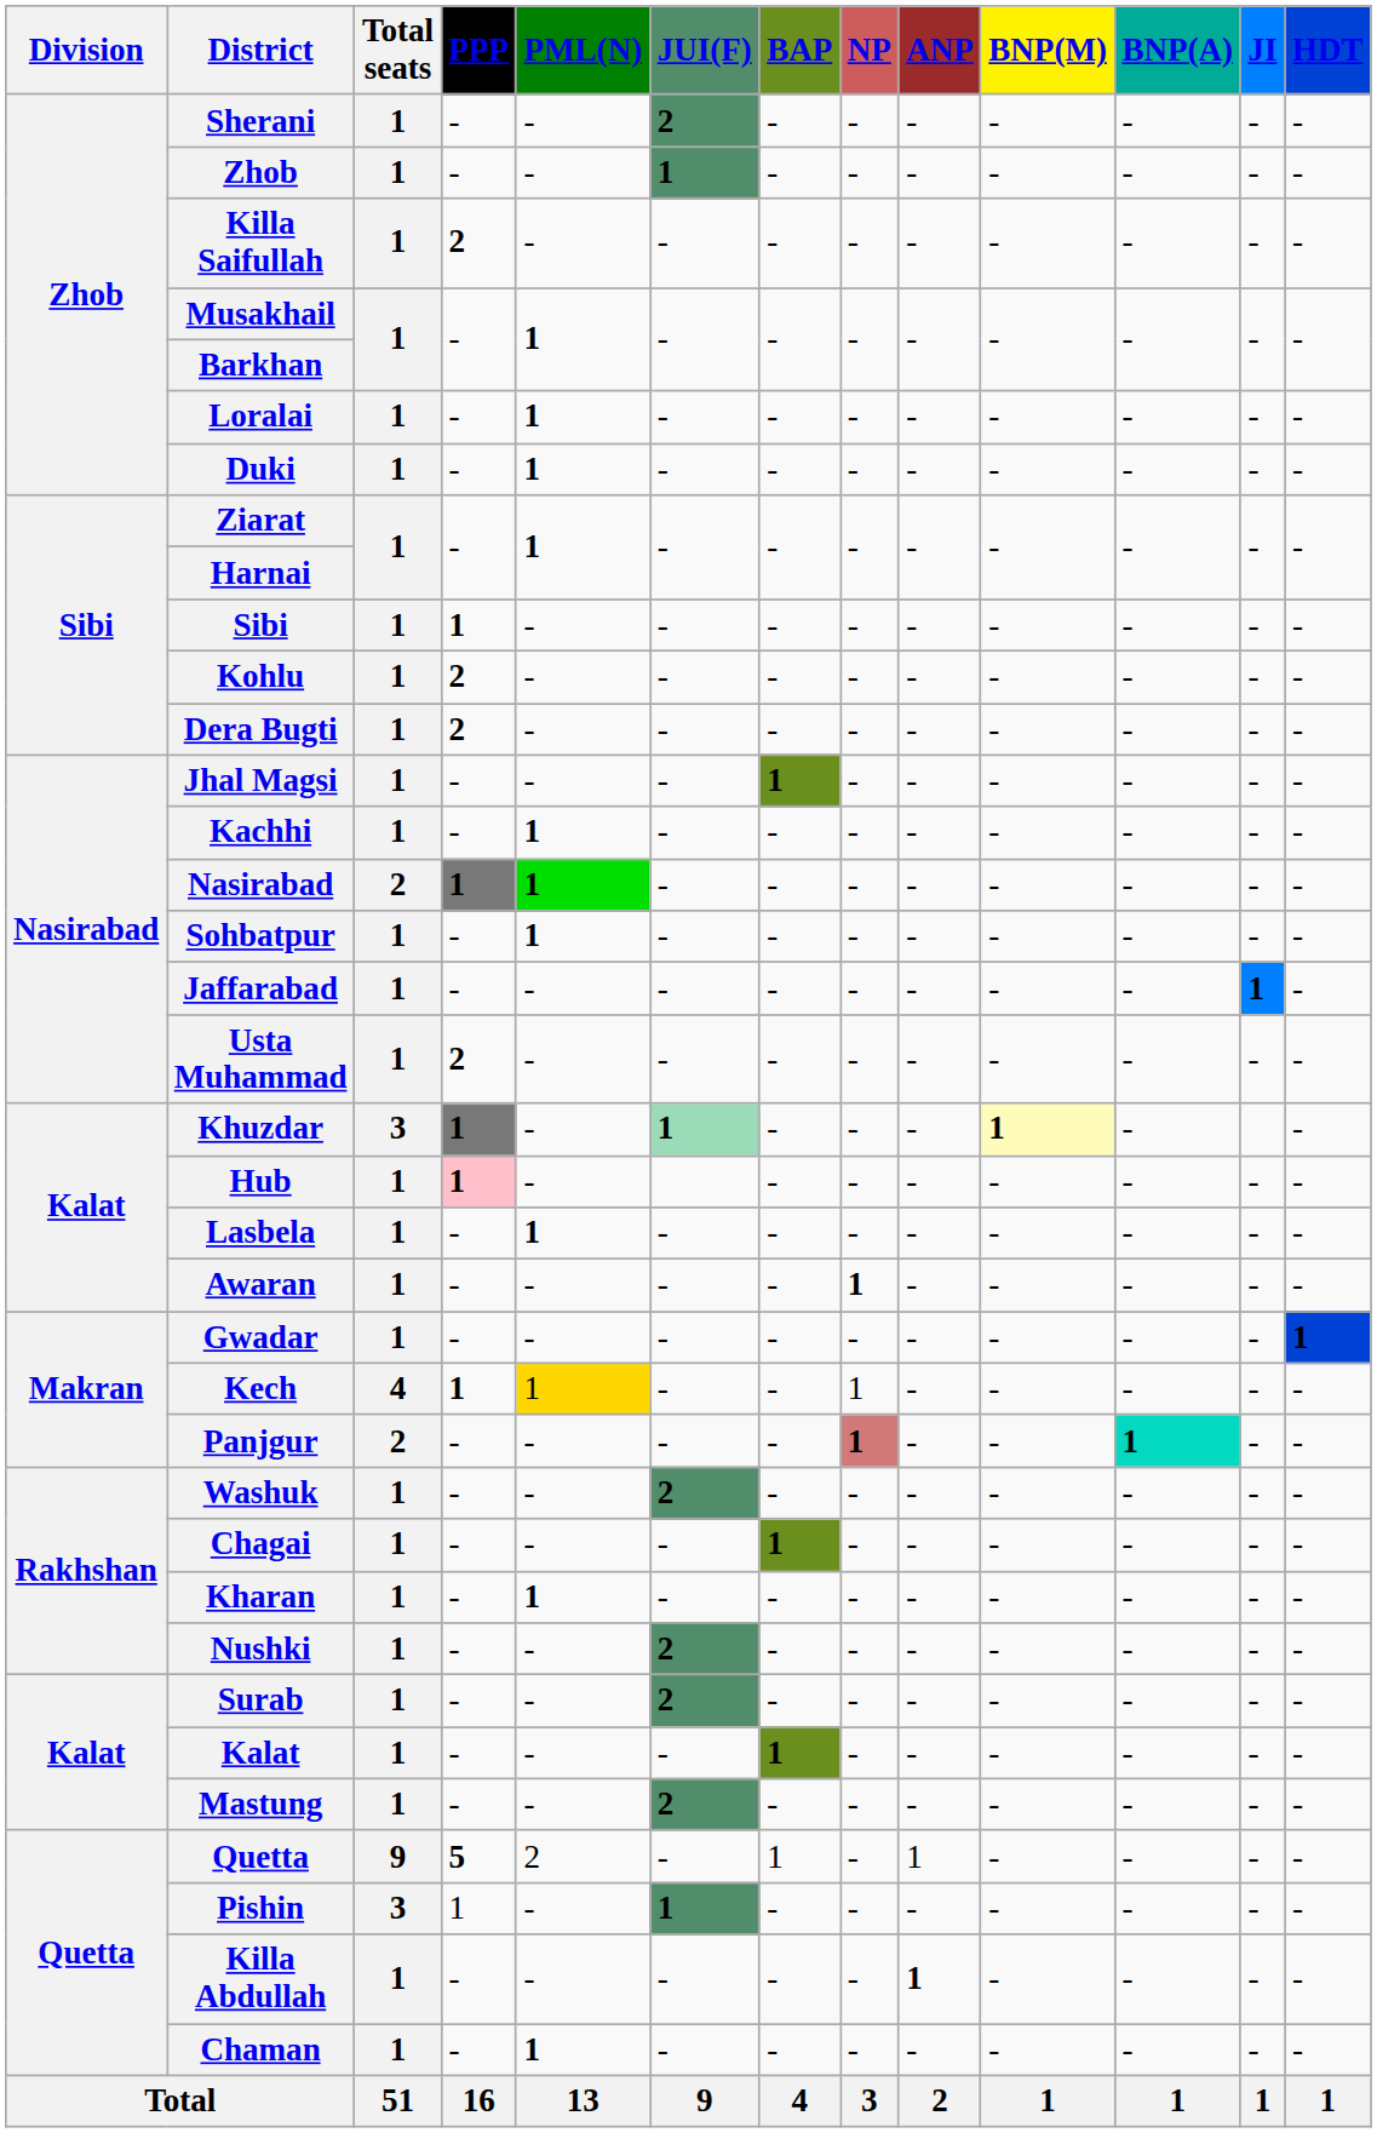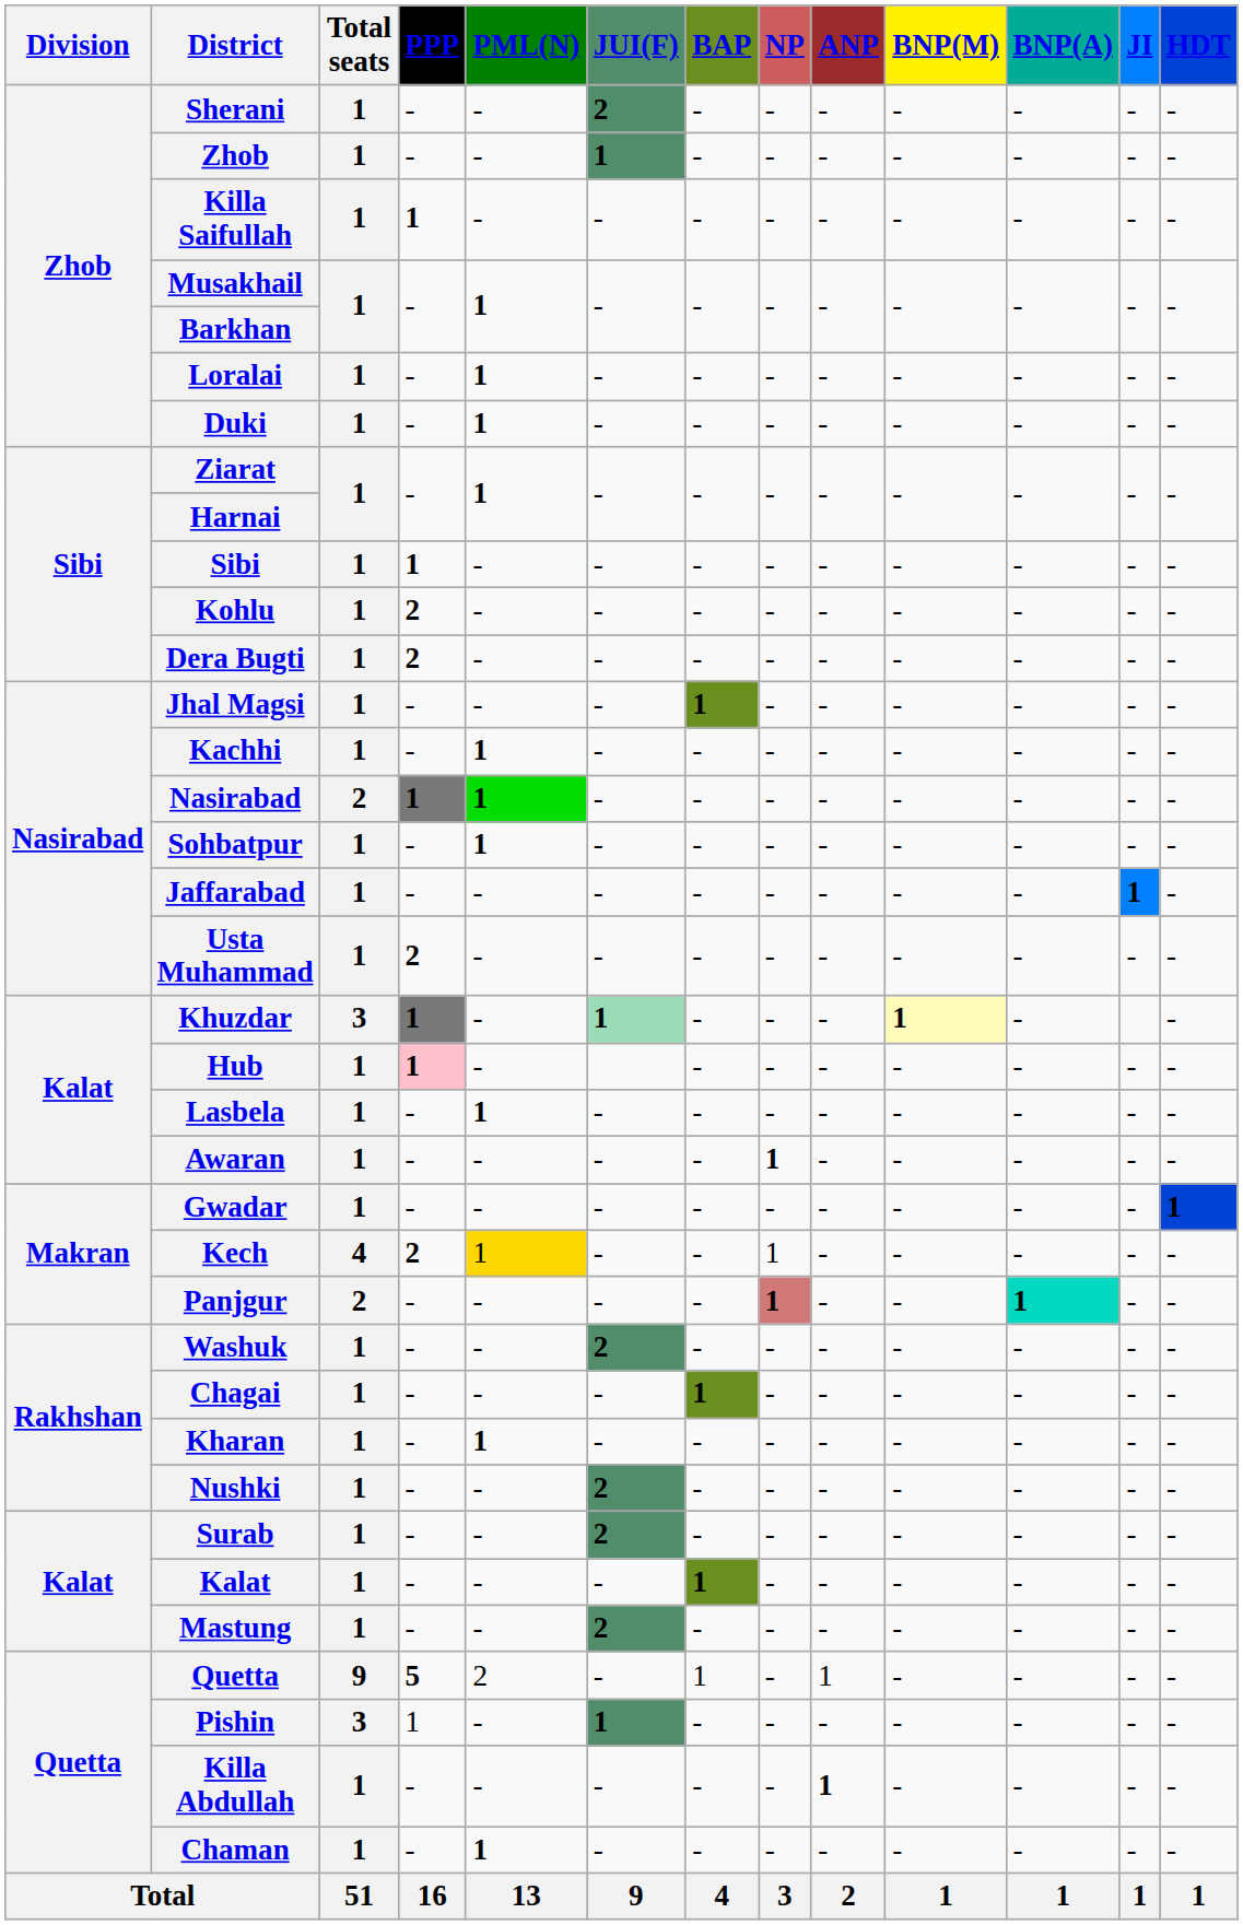 <table class="wikitable">
 <tr>
 <th><a href='#'>Division</a></th>
 <th><a href='#'>District</a></th>
 <th>Total seats</th>
 <th style="background:#000000;" !><a href='#'><span>PPP</span></a></th>
 <th style="background:#008000;" !><a href='#'><span>PML(N)</span></a></th>
 <th style="background:#528d6b;" !><a href='#'><span>JUI(F)</span></a></th>
 <th style="background:#6b8f1e;" !><a href='#'><span>BAP</span></a></th>
 <th style="background:#cd5c5c;" !><a href='#'><span>NP</span></a></th>
 <th ! style="background:#9b2b2b;"><a href='#'><span>ANP</span></a></th>
 <th style="background:#fff200;" !><a href='#'><span>BNP(M)</span></a></th>
 <th style="background:#00ab97;" !><a href='#'><span>BNP(A)</span></a></th>
 <th style="background:#0080ff;" !><a href='#'><span>JI</span></a></th>
 <th style="background:#0042d6;" !><a href='#'><span>HDT</span></a></th>
 </tr>
 <tr>
 <th rowspan="7"><a href='#'>Zhob</a></th>
 <th><a href='#'>Sherani</a></th>
 <th>1</th>
 <td>-</td>
 <td>-</td>
 <td bgcolor="#528d6b"><span><strong>2</strong></span></td>
 <td>-</td>
 <td>-</td>
 <td>-</td>
 <td>-</td>
 <td>-</td>
 <td>-</td>
 <td>-</td>
 </tr>
 <tr>
 <th><a href='#'>Zhob</a></th>
 <th>1</th>
 <td>-</td>
 <td>-</td>
 <td bgcolor="#528d6b"><span><strong>1</strong></span></td>
 <td>-</td>
 <td>-</td>
 <td>-</td>
 <td>-</td>
 <td>-</td>
 <td>-</td>
 <td>-</td>
 </tr>
 <tr>
 <th><a href='#'>Killa Saifullah</a></th>
 <th>1</th>
-<td><span><strong>2</strong></span></td>
+<td><span><strong>1</strong></span></td>
 <td>-</td>
 <td>-</td>
 <td>-</td>
 <td>-</td>
 <td>-</td>
 <td>-</td>
 <td>-</td>
 <td>-</td>
 <td>-</td>
 </tr>
 <tr>
 <th><a href='#'>Musakhail</a></th>
 <th rowspan="2">1</th>
 <td rowspan="2">-</td>
 <td rowspan="2"><span><strong>1</strong></span></td>
 <td rowspan="2">-</td>
 <td rowspan="2">-</td>
 <td rowspan="2">-</td>
 <td rowspan="2">-</td>
 <td rowspan="2">-</td>
 <td rowspan="2">-</td>
 <td rowspan="2">-</td>
 <td rowspan="2">-</td>
 </tr>
 <tr>
 <th><a href='#'>Barkhan</a></th>
 </tr>
 <tr>
 <th><a href='#'>Loralai</a></th>
 <th>1</th>
 <td>-</td>
 <td><span><strong>1</strong></span></td>
 <td>-</td>
 <td>-</td>
 <td>-</td>
 <td>-</td>
 <td>-</td>
 <td>-</td>
 <td>-</td>
 <td>-</td>
 </tr>
 <tr>
 <th><a href='#'>Duki</a></th>
 <th>1</th>
 <td>-</td>
 <td><span><strong>1</strong></span></td>
 <td>-</td>
 <td>-</td>
 <td>-</td>
 <td>-</td>
 <td>-</td>
 <td>-</td>
 <td>-</td>
 <td>-</td>
 </tr>
 <tr>
 <th rowspan="5"><a href='#'>Sibi</a></th>
 <th><a href='#'>Ziarat</a></th>
 <th rowspan="2">1</th>
 <td rowspan="2">-</td>
 <td rowspan="2"><span><strong>1</strong></span></td>
 <td rowspan="2">-</td>
 <td rowspan="2">-</td>
 <td rowspan="2">-</td>
 <td rowspan="2">-</td>
 <td rowspan="2">-</td>
 <td rowspan="2">-</td>
 <td rowspan="2">-</td>
 <td rowspan="2">-</td>
 </tr>
 <tr>
 <th><a href='#'>Harnai</a></th>
 </tr>
 <tr>
 <th><a href='#'>Sibi</a></th>
 <th>1</th>
 <td><span><strong>1</strong></span></td>
 <td>-</td>
 <td>-</td>
 <td>-</td>
 <td>-</td>
 <td>-</td>
 <td>-</td>
 <td>-</td>
 <td>-</td>
 <td>-</td>
 </tr>
 <tr>
 <th><a href='#'>Kohlu</a></th>
 <th>1</th>
 <td><span><strong>2</strong></span></td>
 <td>-</td>
 <td>-</td>
 <td>-</td>
 <td>-</td>
 <td>-</td>
 <td>-</td>
 <td>-</td>
 <td>-</td>
 <td>-</td>
 </tr>
 <tr>
 <th><a href='#'>Dera Bugti</a></th>
 <th>1</th>
 <td><span><strong>2</strong></span></td>
 <td>-</td>
 <td>-</td>
 <td>-</td>
 <td>-</td>
 <td>-</td>
 <td>-</td>
 <td>-</td>
 <td>-</td>
 <td>-</td>
 </tr>
 <tr>
 <th rowspan="6"><a href='#'>Nasirabad</a></th>
 <th><a href='#'>Jhal Magsi</a></th>
 <th>1</th>
 <td>-</td>
 <td>-</td>
 <td>-</td>
 <td bgcolor="#6b8f1e"><span><strong>1</strong></span></td>
 <td>-</td>
 <td>-</td>
 <td>-</td>
 <td>-</td>
 <td>-</td>
 <td>-</td>
 </tr>
 <tr>
 <th><a href='#'>Kachhi</a></th>
 <th>1</th>
 <td>-</td>
 <td><span><strong>1</strong></span></td>
 <td>-</td>
 <td>-</td>
 <td>-</td>
 <td>-</td>
 <td>-</td>
 <td>-</td>
 <td>-</td>
 <td>-</td>
 </tr>
 <tr>
 <th><a href='#'>Nasirabad</a></th>
 <th>2</th>
 <td bgcolor="#787878"><span><strong>1</strong></span></td>
 <td bgcolor="#00de00"><span><strong>1</strong></span></td>
 <td>-</td>
 <td>-</td>
 <td>-</td>
 <td>-</td>
 <td>-</td>
 <td>-</td>
 <td>-</td>
 <td>-</td>
 </tr>
 <tr>
 <th><a href='#'>Sohbatpur</a></th>
 <th>1</th>
 <td>-</td>
 <td><span><strong>1</strong></span></td>
 <td>-</td>
 <td>-</td>
 <td>-</td>
 <td>-</td>
 <td>-</td>
 <td>-</td>
 <td>-</td>
 <td>-</td>
 </tr>
 <tr>
 <th><a href='#'>Jaffarabad</a></th>
 <th>1</th>
 <td>-</td>
 <td>-</td>
 <td>-</td>
 <td>-</td>
 <td>-</td>
 <td>-</td>
 <td>-</td>
 <td>-</td>
 <td bgcolor="#0080ff"><span><strong>1</strong></span></td>
 <td>-</td>
 </tr>
 <tr>
 <th><a href='#'>Usta Muhammad</a></th>
 <th>1</th>
 <td><span><strong>2</strong></span></td>
 <td>-</td>
 <td>-</td>
 <td>-</td>
 <td>-</td>
 <td>-</td>
 <td>-</td>
 <td>-</td>
 <td>-</td>
 <td>-</td>
 </tr>
 <tr>
 <th rowspan="4"><a href='#'>Kalat</a></th>
 <th><a href='#'>Khuzdar</a></th>
 <th>3</th>
 <td bgcolor="#787878"><span><strong>1</strong></span></td>
 <td>-</td>
 <td bgcolor="#9cdbb7"><span><strong>1</strong></span></td>
 <td>-</td>
 <td>-</td>
 <td>-</td>
 <td bgcolor="#fffbba"><span><strong>1</strong></span></td>
 <td>-</td>
 <td></td>
 <td>-</td>
 </tr>
 <tr>
 <th><a href='#'>Hub</a></th>
 <th>1</th>
 <td style="background: pink;"><span><strong>1</strong></span></td>
 <td>-</td>
 <td></td>
 <td>-</td>
 <td>-</td>
 <td>-</td>
 <td>-</td>
 <td>-</td>
 <td>-</td>
 <td>-</td>
 </tr>
 <tr>
 <th><a href='#'>Lasbela</a></th>
 <th>1</th>
 <td>-</td>
 <td><span><strong>1</strong></span></td>
 <td>-</td>
 <td>-</td>
 <td>-</td>
 <td>-</td>
 <td>-</td>
 <td>-</td>
 <td>-</td>
 <td>-</td>
 </tr>
 <tr>
 <th><a href='#'>Awaran</a></th>
 <th>1</th>
 <td>-</td>
 <td>-</td>
 <td>-</td>
 <td>-</td>
 <td><span><strong>1</strong></span></td>
 <td>-</td>
 <td>-</td>
 <td>-</td>
 <td>-</td>
 <td>-</td>
 </tr>
 <tr>
 <th rowspan="3"><a href='#'>Makran</a></th>
 <th><a href='#'>Gwadar</a></th>
 <th>1</th>
 <td>-</td>
 <td>-</td>
 <td>-</td>
 <td>-</td>
 <td>-</td>
 <td>-</td>
 <td>-</td>
 <td>-</td>
 <td>-</td>
 <td bgcolor="#0042d6"><span><strong>1</strong></span></td>
 </tr>
 <tr>
 <th><a href='#'>Kech</a></th>
 <th>4</th>
-<td><span><strong>1</strong></span></td>
+<td><span><strong>2</strong></span></td>
 <td style="background: gold;">1</td>
 <td>-</td>
 <td>-</td>
 <td>1</td>
 <td>-</td>
 <td>-</td>
 <td>-</td>
 <td>-</td>
 <td>-</td>
 </tr>
 <tr>
 <th><a href='#'>Panjgur</a></th>
 <th>2</th>
 <td>-</td>
 <td>-</td>
 <td>-</td>
 <td>-</td>
 <td bgcolor="#d17979"><span><strong>1</strong></span></td>
 <td>-</td>
 <td>-</td>
 <td bgcolor="#02d9c0"><span><strong>1</strong></span></td>
 <td>-</td>
 <td>-</td>
 </tr>
 <tr>
 <th rowspan="4"><a href='#'>Rakhshan</a></th>
 <th><a href='#'>Washuk</a></th>
 <th>1</th>
 <td>-</td>
 <td>-</td>
 <td bgcolor="#528d6b"><span><strong>2</strong></span></td>
 <td>-</td>
 <td>-</td>
 <td>-</td>
 <td>-</td>
 <td>-</td>
 <td>-</td>
 <td>-</td>
 </tr>
 <tr>
 <th><a href='#'>Chagai</a></th>
 <th>1</th>
 <td>-</td>
 <td>-</td>
 <td>-</td>
 <td bgcolor="#6b8f1e"><span><strong>1</strong></span></td>
 <td>-</td>
 <td>-</td>
 <td>-</td>
 <td>-</td>
 <td>-</td>
 <td>-</td>
 </tr>
 <tr>
 <th><a href='#'>Kharan</a></th>
 <th>1</th>
 <td>-</td>
 <td><span><strong>1</strong></span></td>
 <td>-</td>
 <td>-</td>
 <td>-</td>
 <td>-</td>
 <td>-</td>
 <td>-</td>
 <td>-</td>
 <td>-</td>
 </tr>
 <tr>
 <th><a href='#'>Nushki</a></th>
 <th>1</th>
 <td>-</td>
 <td>-</td>
 <td bgcolor="#528d6b"><span><strong>2</strong></span></td>
 <td>-</td>
 <td>-</td>
 <td>-</td>
 <td>-</td>
 <td>-</td>
 <td>-</td>
 <td>-</td>
 </tr>
 <tr>
 <th rowspan="3"><a href='#'>Kalat</a></th>
 <th><a href='#'>Surab</a></th>
 <th>1</th>
 <td>-</td>
 <td>-</td>
 <td bgcolor="#528d6b"><span><strong>2</strong></span></td>
 <td>-</td>
 <td>-</td>
 <td>-</td>
 <td>-</td>
 <td>-</td>
 <td>-</td>
 <td>-</td>
 </tr>
 <tr>
 <th><a href='#'>Kalat</a></th>
 <th>1</th>
 <td>-</td>
 <td>-</td>
 <td>-</td>
 <td bgcolor="#6b8f1e"><span><strong>1</strong></span></td>
 <td>-</td>
 <td>-</td>
 <td>-</td>
 <td>-</td>
 <td>-</td>
 <td>-</td>
 </tr>
 <tr>
 <th><a href='#'>Mastung</a></th>
 <th>1</th>
 <td>-</td>
 <td>-</td>
 <td bgcolor="#528d6b"><span><strong>2</strong></span></td>
 <td>-</td>
 <td>-</td>
 <td>-</td>
 <td>-</td>
 <td>-</td>
 <td>-</td>
 <td>-</td>
 </tr>
 <tr>
 <th rowspan="4"><a href='#'>Quetta</a></th>
 <th><a href='#'>Quetta</a></th>
 <th>9</th>
 <td><span><strong>5</strong></span></td>
 <td>2</td>
 <td>-</td>
 <td>1</td>
 <td>-</td>
 <td>1</td>
 <td>-</td>
 <td>-</td>
 <td>-</td>
 <td>-</td>
 </tr>
 <tr>
 <th><a href='#'>Pishin</a></th>
 <th>3</th>
 <td>1</td>
 <td>-</td>
 <td bgcolor="#528d6b"><span><strong>1</strong></span></td>
 <td>-</td>
 <td>-</td>
 <td>-</td>
 <td>-</td>
 <td>-</td>
 <td>-</td>
 <td>-</td>
 </tr>
 <tr>
 <th><a href='#'>Killa Abdullah</a></th>
 <th>1</th>
 <td>-</td>
 <td>-</td>
 <td>-</td>
 <td>-</td>
 <td>-</td>
 <td><span><strong>1</strong></span></td>
 <td>-</td>
 <td>-</td>
 <td>-</td>
 <td>-</td>
 </tr>
 <tr>
 <th><a href='#'>Chaman</a></th>
 <th>1</th>
 <td>-</td>
 <td><span><strong>1</strong></span></td>
 <td>-</td>
 <td>-</td>
 <td>-</td>
 <td>-</td>
 <td>-</td>
 <td>-</td>
 <td>-</td>
 <td>-</td>
 </tr>
 <tr>
 <th colspan="2">Total</th>
 <th>51</th>
 <th>16</th>
 <th>13</th>
 <th>9</th>
 <th>4</th>
 <th>3</th>
 <th>2</th>
 <th>1</th>
 <th>1</th>
 <th>1</th>
 <th>1</th>
 </tr>
 </table>
